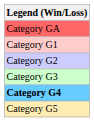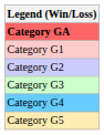 <table class="sortable wikitable" style=font-size:97%>
 <tr>
 <th>Legend (Win/Loss)</th>
 </tr>
 <tr bgcolor=#FF6666>
-<td>Category GA</td>
+<td><strong>Category GA</strong></td>
 </tr>
 <tr bgcolor=#ffcccc>
 <td>Category G1</td>
 </tr>
 <tr bgcolor=#ccccff>
 <td>Category G2</td>
 </tr>
 <tr bgcolor=#CCFFCC>
 <td>Category G3</td>
 </tr>
 <tr bgcolor=#66CCFF>
-<td><strong>Category G4</strong></td>
+<td>Category G4</td>
 </tr>
 <tr bgcolor=#ffecb2>
 <td>Category G5</td>
 </tr>
 </table>
